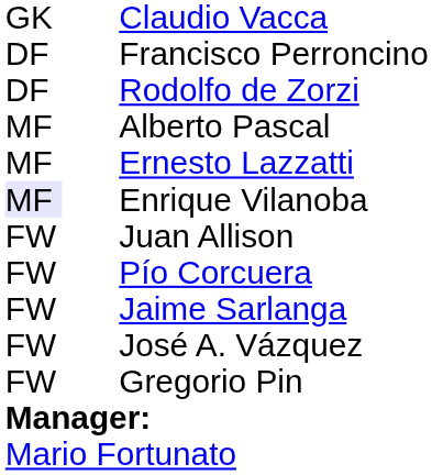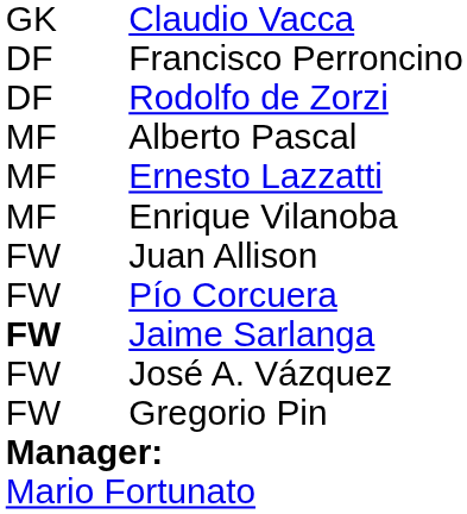 <table style="font-size:90%; margin:0.2em auto;" cellspacing="0" cellpadding="0">
 <tr>
 <th width="25"></th>
 <th width="25"></th>
 </tr>
 <tr>
 <td>GK</td>
 <td></td>
 <td> <a href='#'>Claudio Vacca</a></td>
 </tr>
 <tr>
 <td>DF</td>
 <td></td>
 <td> Francisco Perroncino</td>
 </tr>
 <tr>
 <td>DF</td>
 <td></td>
 <td> <a href='#'>Rodolfo de Zorzi</a></td>
 </tr>
 <tr>
 <td>MF</td>
 <td></td>
 <td> Alberto Pascal</td>
 </tr>
 <tr>
 <td>MF</td>
 <td></td>
 <td> <a href='#'>Ernesto Lazzatti</a></td>
 </tr>
 <tr>
-<td style="background: lavender;">MF</td>
+<td>MF</td>
 <td></td>
 <td> Enrique Vilanoba</td>
 </tr>
 <tr>
 <td>FW</td>
 <td></td>
 <td> Juan Allison</td>
 </tr>
 <tr>
 <td>FW</td>
 <td></td>
 <td> <a href='#'>Pío Corcuera</a></td>
 </tr>
 <tr>
-<td>FW</td>
+<td><strong>FW</strong></td>
 <td></td>
 <td> <a href='#'>Jaime Sarlanga</a></td>
 </tr>
 <tr>
 <td>FW</td>
 <td></td>
 <td> José A. Vázquez</td>
 </tr>
 <tr>
 <td>FW</td>
 <td></td>
 <td> Gregorio Pin</td>
 </tr>
 <tr>
 <td colspan=3><strong>Manager:</strong></td>
 </tr>
 <tr>
 <td colspan=4> <a href='#'>Mario Fortunato</a></td>
 </tr>
 </table>
